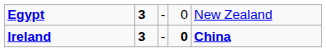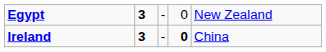 <table class="wikitable">
 <tr>
 <td width=150> <strong><a href='#'>Egypt</a></strong></td>
 <td style="width:20px; text-align:left;"><strong>3</strong></td>
 <td>-</td>
 <td style="width:20px; text-align:right;">0</td>
 <td width=150> <a href='#'>New Zealand</a></td>
 </tr>
 <tr>
 <td> <strong><a href='#'>Ireland</a></strong></td>
 <td style="text-align:left;"><strong>3</strong></td>
 <td>-</td>
 <td style="text-align:right;"><strong>0</strong></td>
-<td><strong> <a href='#'>China</a></strong></td>
+<td> <a href='#'>China</a></td>
 </tr>
 </table>
